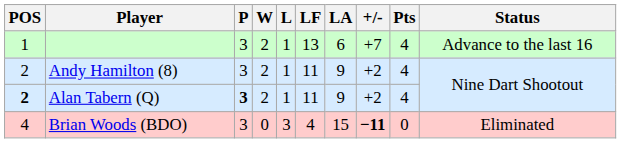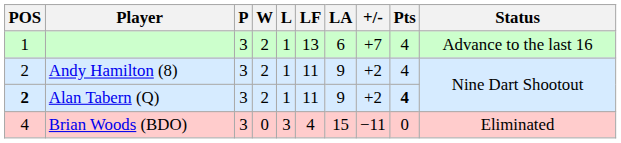 <table class="wikitable" style="text-align:center; margin: 1em auto 1em auto, align:left">
 <tr>
 <th width=20>POS</th>
 <th width=173>Player</th>
 <th width=3>P</th>
 <th width=3>W</th>
 <th width=3>L</th>
 <th width=20>LF</th>
 <th width=20>LA</th>
 <th width=20>+/-</th>
 <th width=20>Pts</th>
 <th width=179>Status</th>
 </tr>
 <tr style="background:#CCFFCC;">
 <td>1</td>
 <td style="text-align:left;"></td>
 <td>3</td>
 <td>2</td>
 <td>1</td>
 <td>13</td>
 <td>6</td>
 <td>+7</td>
 <td>4</td>
 <td>Advance to the last 16</td>
 </tr>
 <tr style="background:#D6EBFF;">
 <td>2</td>
 <td style="text-align:left;"> <a href='#'>Andy Hamilton</a> (8)</td>
 <td>3</td>
 <td>2</td>
 <td>1</td>
 <td>11</td>
 <td>9</td>
 <td>+2</td>
 <td>4</td>
 <td rowspan=2>Nine Dart Shootout</td>
 </tr>
 <tr style="background:#D6EBFF;">
 <td><strong>2</strong></td>
 <td style="text-align:left;"> <a href='#'>Alan Tabern</a> (Q)</td>
-<td><strong>3</strong></td>
+<td>3</td>
 <td>2</td>
 <td>1</td>
 <td>11</td>
 <td>9</td>
 <td>+2</td>
-<td>4</td>
+<td><strong>4</strong></td>
 </tr>
 <tr style="background:#FFCCCC;">
 <td>4</td>
 <td style="text-align:left;"> <a href='#'>Brian Woods</a> (BDO)</td>
 <td>3</td>
 <td>0</td>
 <td>3</td>
 <td>4</td>
 <td>15</td>
-<td><strong>−11</strong></td>
+<td>−11</td>
 <td>0</td>
 <td>Eliminated</td>
 </tr>
 </table>
